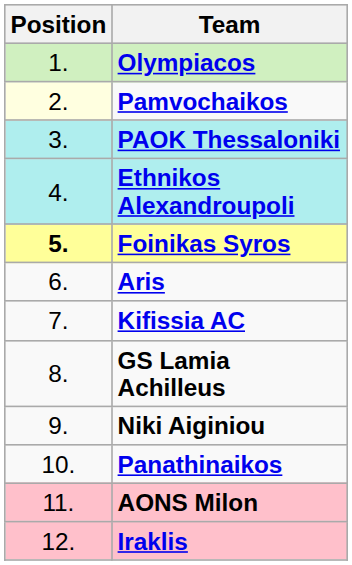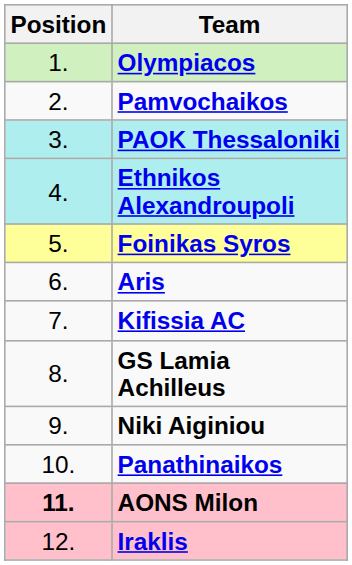 <table class="wikitable" style="text-align: center; font-size:95%">
 <tr>
 <th width="44">Position</th>
 <th width="140">Team</th>
 </tr>
 <tr style="background:#D0F0C0">
 <td>1.</td>
 <td style="text-align:left"><strong><a href='#'>Olympiacos</a></strong></td>
 </tr>
 <tr>
-<td style="background: lightyellow;">2.</td>
+<td>2.</td>
 <td style="text-align:left"><strong><a href='#'>Pamvochaikos</a></strong></td>
 </tr>
 <tr style="background:#afeeee">
 <td>3.</td>
 <td style="text-align:left"><strong><a href='#'>PAOK Thessaloniki</a></strong></td>
 </tr>
 <tr style="background:#afeeee">
 <td>4.</td>
 <td style="text-align:left"><strong><a href='#'>Ethnikos Alexandroupoli</a></strong></td>
 </tr>
 <tr style="background:#FFFF99">
-<td><strong>5.</strong></td>
+<td>5.</td>
 <td style="text-align:left"><strong><a href='#'>Foinikas Syros</a></strong></td>
 </tr>
 <tr>
 <td>6.</td>
 <td style="text-align:left"><strong><a href='#'>Aris</a></strong></td>
 </tr>
 <tr>
 <td>7.</td>
 <td style="text-align:left"><strong><a href='#'>Kifissia AC</a></strong></td>
 </tr>
 <tr>
 <td>8.</td>
 <td style="text-align:left"><strong>GS Lamia Achilleus</strong></td>
 </tr>
 <tr>
 <td>9.</td>
 <td style="text-align:left"><strong>Niki Aiginiou</strong></td>
 </tr>
 <tr>
 <td>10.</td>
 <td style="text-align:left"><strong><a href='#'>Panathinaikos</a></strong></td>
 </tr>
 <tr style="background:#ffc0cb">
-<td>11.</td>
+<td><strong>11.</strong></td>
 <td style="text-align:left"><strong>AONS Milon</strong></td>
 </tr>
 <tr style="background:#ffc0cb">
 <td>12.</td>
 <td style="text-align:left"><strong><a href='#'>Iraklis</a></strong> </td>
 </tr>
 </table>
